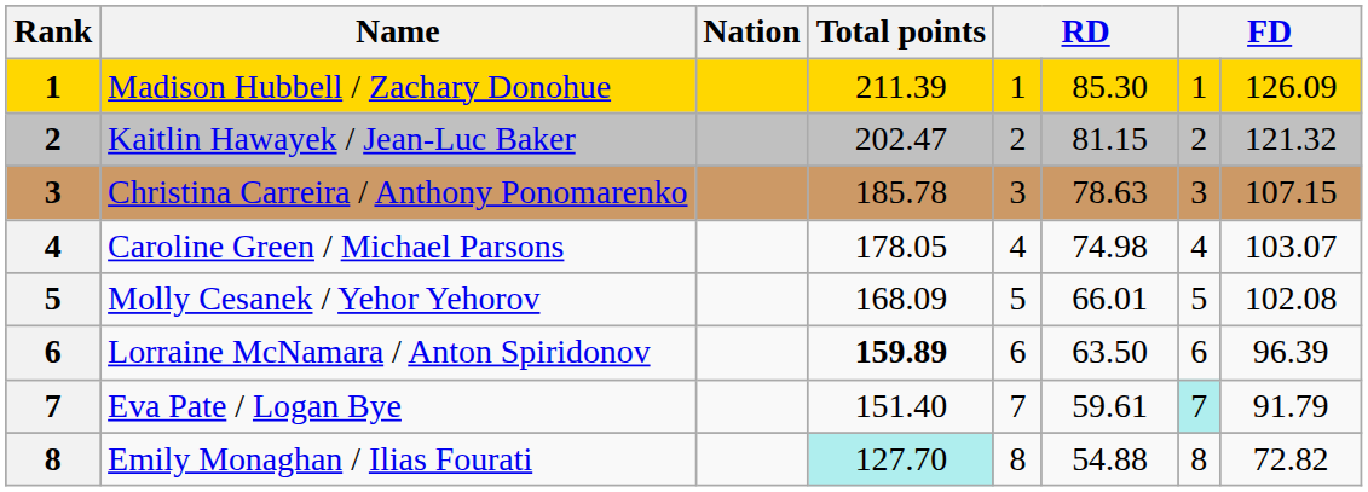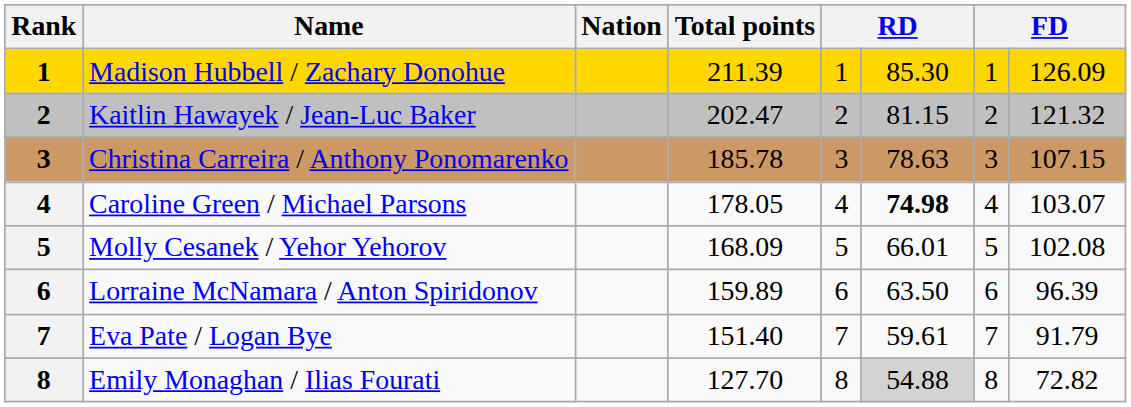 <table class="wikitable sortable">
 <tr>
 <th>Rank</th>
 <th>Name</th>
 <th>Nation</th>
 <th>Total points</th>
 <th colspan="2" width="80px"><a href='#'>RD</a></th>
 <th colspan="2" width="80px"><a href='#'>FD</a></th>
 </tr>
 <tr bgcolor="gold">
 <td align="center"><strong>1</strong></td>
 <td><a href='#'>Madison Hubbell</a> / <a href='#'>Zachary Donohue</a></td>
 <td></td>
 <td align="center">211.39</td>
 <td align="center">1</td>
 <td align="center">85.30</td>
 <td align="center">1</td>
 <td align="center">126.09</td>
 </tr>
 <tr bgcolor="silver">
 <td align="center"><strong>2</strong></td>
 <td><a href='#'>Kaitlin Hawayek</a> / <a href='#'>Jean-Luc Baker</a></td>
 <td></td>
 <td align="center">202.47</td>
 <td align="center">2</td>
 <td align="center">81.15</td>
 <td align="center">2</td>
 <td align="center">121.32</td>
 </tr>
 <tr bgcolor="cc9966">
 <td align="center"><strong>3</strong></td>
 <td><a href='#'>Christina Carreira</a> / <a href='#'>Anthony Ponomarenko</a></td>
 <td></td>
 <td align="center">185.78</td>
 <td align="center">3</td>
 <td align="center">78.63</td>
 <td align="center">3</td>
 <td align="center">107.15</td>
 </tr>
 <tr>
 <th>4</th>
 <td><a href='#'>Caroline Green</a> / <a href='#'>Michael Parsons</a></td>
 <td></td>
 <td align="center">178.05</td>
 <td align="center">4</td>
-<td align="center">74.98</td>
+<td align="center"><strong>74.98</strong></td>
 <td align="center">4</td>
 <td align="center">103.07</td>
 </tr>
 <tr>
 <th>5</th>
 <td><a href='#'>Molly Cesanek</a> / <a href='#'>Yehor Yehorov</a></td>
 <td></td>
 <td align="center">168.09</td>
 <td align="center">5</td>
 <td align="center">66.01</td>
 <td align="center">5</td>
 <td align="center">102.08</td>
 </tr>
 <tr>
 <th>6</th>
 <td><a href='#'>Lorraine McNamara</a> / <a href='#'>Anton Spiridonov</a></td>
 <td></td>
-<td align="center"><strong>159.89</strong></td>
+<td align="center">159.89</td>
 <td align="center">6</td>
 <td align="center">63.50</td>
 <td align="center">6</td>
 <td align="center">96.39</td>
 </tr>
 <tr>
 <th>7</th>
 <td><a href='#'>Eva Pate</a> / <a href='#'>Logan Bye</a></td>
 <td></td>
 <td align="center">151.40</td>
 <td align="center">7</td>
 <td align="center">59.61</td>
-<td align="center" style="background: paleturquoise;">7</td>
+<td align="center">7</td>
 <td align="center">91.79</td>
 </tr>
 <tr>
 <th>8</th>
 <td><a href='#'>Emily Monaghan</a> / <a href='#'>Ilias Fourati</a></td>
 <td></td>
-<td align="center" style="background: paleturquoise;">127.70</td>
+<td align="center">127.70</td>
 <td align="center">8</td>
-<td align="center">54.88</td>
+<td align="center" style="background: lightgrey;">54.88</td>
 <td align="center">8</td>
 <td align="center">72.82</td>
 </tr>
 </table>
